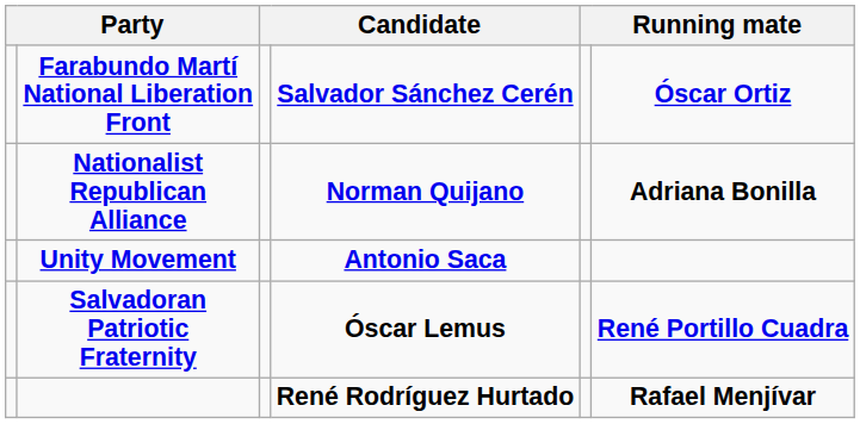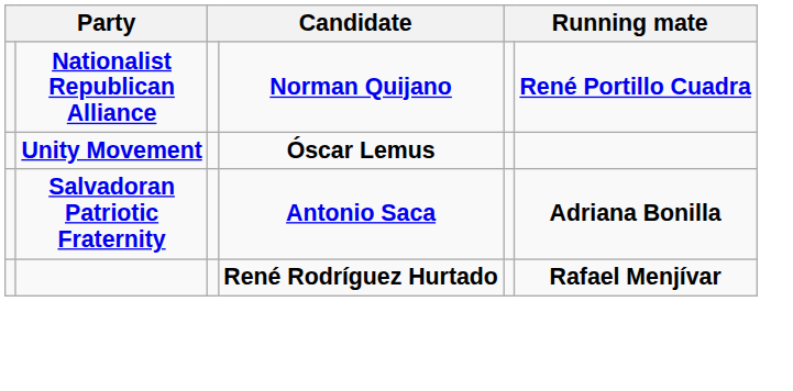 <table class="vertical-align-top wikitable sortable" style="text-align:center">
 <tr>
 <th colspan="2">Party</th>
 <th colspan="2">Candidate</th>
 <th colspan="2">Running mate</th>
 </tr>
 <tr>
 <td style="background-color:"></td>
-<td data-sort-value="Farabundo Marti National Liberation Front"> <strong><a href='#'>Farabundo Martí<br>National Liberation<br>Front</a></strong></td>
-<td></td>
-<td data-sort-value="Sanchez Ceren, Salvador" style="line-height:1.0"><strong><a href='#'>Salvador Sánchez Cerén</a></strong><br></td>
-<td></td>
-<td data-sort-value="Ortiz, Oscar" style="line-height:1.0"><strong><a href='#'>Óscar Ortiz</a></strong><br></td>
-</tr>
-<tr>
-<td style="background-color:"></td>
 <td data-sort-value="Nationalist Republican Alliance"> <strong><a href='#'>Nationalist<br>Republican<br>Alliance</a></strong></td>
 <td></td>
 <td data-sort-value="Quijano, Norman" style="line-height:1.0"><strong><a href='#'>Norman Quijano</a></strong><br></td>
 <td></td>
-<td data-sort-value="Bonilla, Adriana"><strong>Adriana Bonilla</strong></td>
+<td data-sort-value="Portillo Cuadra, Rene"><strong><a href='#'>René Portillo Cuadra</a></strong></td>
 </tr>
 <tr>
 <td style="background-color:"></td>
 <td data-sort-value="Unity Movement"> <strong><a href='#'>Unity Movement</a></strong></td>
 <td></td>
-<td data-sort-value="Saca, Antonio" style="line-height:1.0"><strong><a href='#'>Antonio Saca</a></strong><br></td>
+<td data-sort-value="Lemus, Oscar"><strong>Óscar Lemus</strong></td>
 <td></td>
 <td data-sort-value="Lainez, Francisco"  style="line-height:1.0"><br></td>
 </tr>
 <tr>
 <td style="background-color:"></td>
 <td data-sort-value="Salvadoran Patriotic Fraternity"><strong><a href='#'>Salvadoran<br>Patriotic<br>Fraternity</a></strong></td>
 <td></td>
-<td data-sort-value="Lemus, Oscar"><strong>Óscar Lemus</strong></td>
+<td data-sort-value="Saca, Antonio" style="line-height:1.0"><strong><a href='#'>Antonio Saca</a></strong><br></td>
 <td></td>
-<td data-sort-value="Portillo Cuadra, Rene"><strong><a href='#'>René Portillo Cuadra</a></strong></td>
+<td data-sort-value="Bonilla, Adriana"><strong>Adriana Bonilla</strong></td>
 </tr>
 <tr>
 <td style="background-color:"></td>
 <td data-sort-value="Solidarity Force"> <strong></strong></td>
 <td></td>
 <td data-sort-value="Rodriguez Hurtado, Rene "><strong>René Rodríguez Hurtado</strong></td>
 <td></td>
 <td data-sort-value="Menjivar, Rafael"><strong>Rafael Menjívar</strong></td>
 </tr>
 </table>
